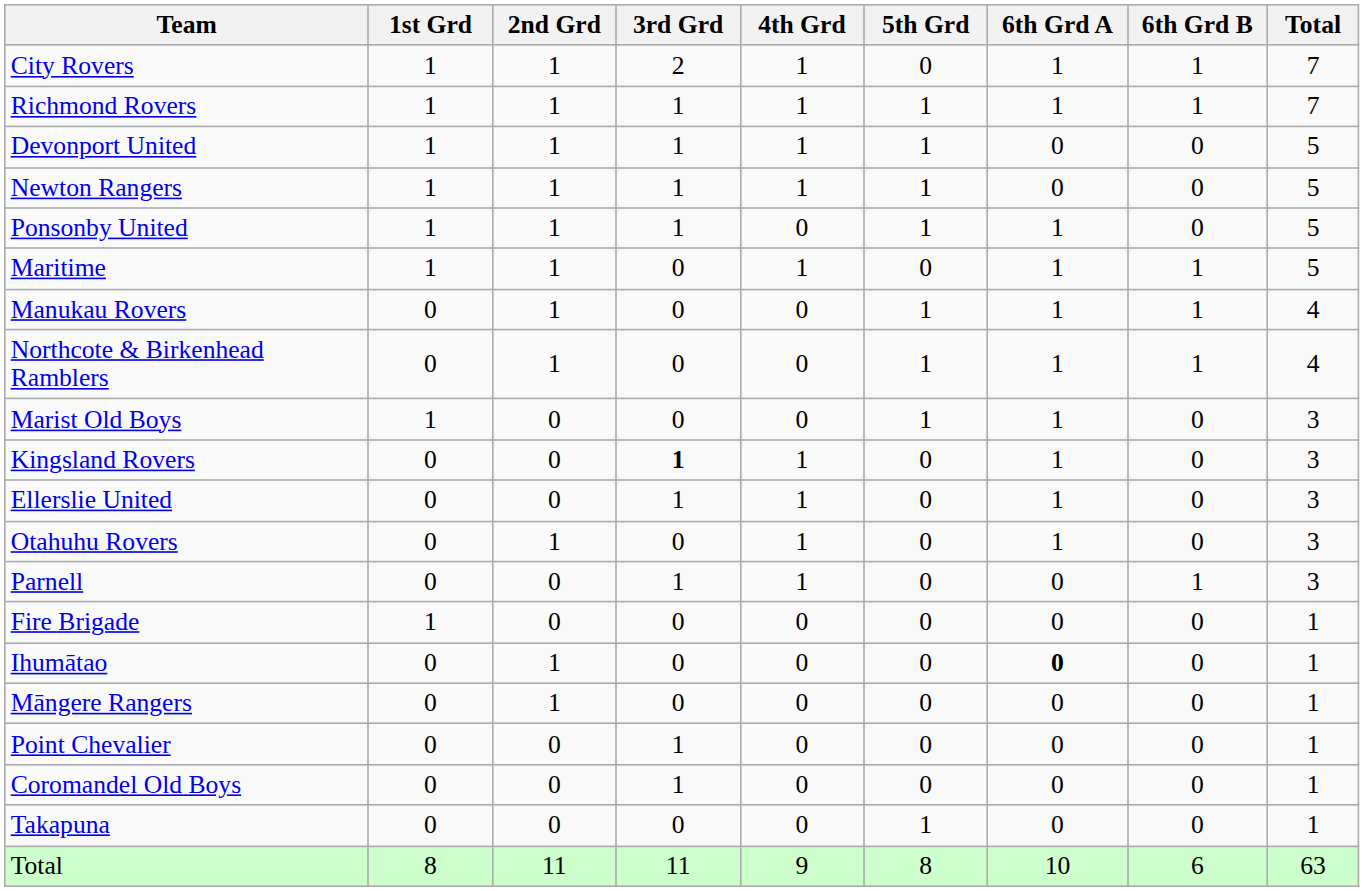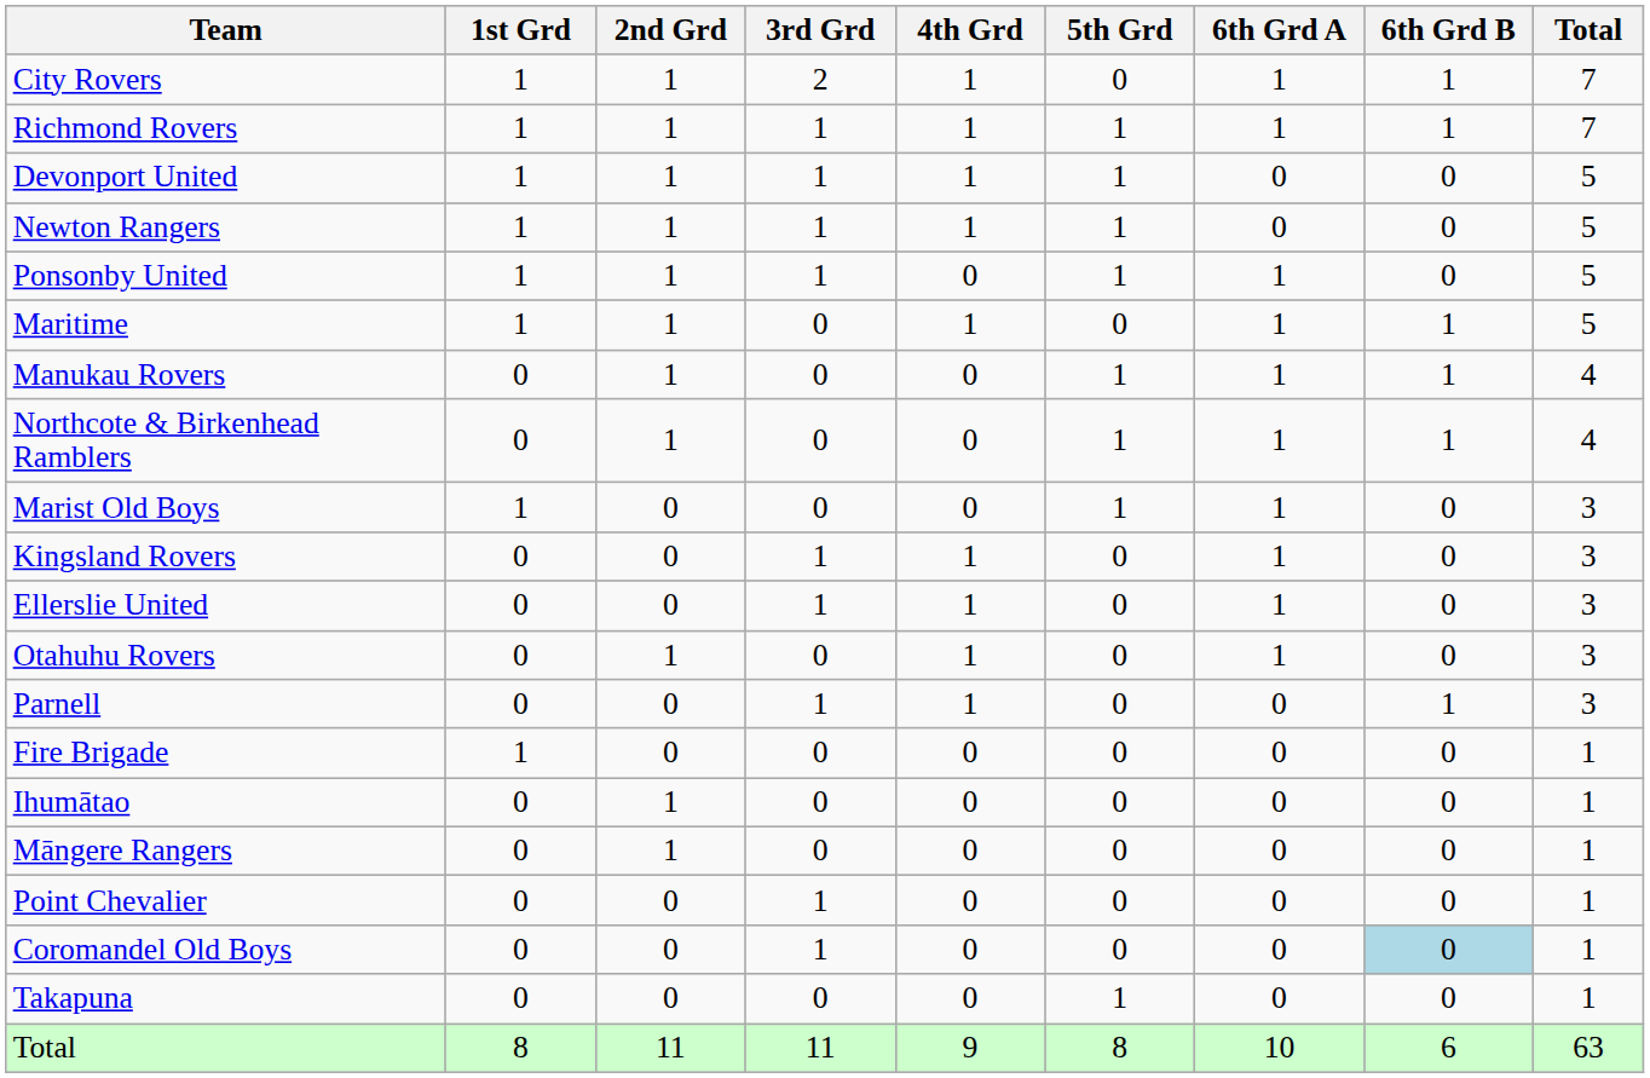 <table class="wikitable" style="text-align:center;">
 <tr>
 <th width=220>Team</th>
 <th width=70 abbr="1st Grade">1st Grd</th>
 <th width=70 abbr="2nd Grade">2nd Grd</th>
 <th width=70 abbr="3rd Grade">3rd Grd</th>
 <th width=70 abbr="4th Grade">4th Grd</th>
 <th width=70 abbr="5th Grade">5th Grd</th>
 <th width=80 abbr="6th Grade">6th Grd A</th>
 <th width=80 abbr="6th Grade">6th Grd B</th>
 <th width=50 abbr="Total">Total</th>
 </tr>
 <tr>
 <td style="text-align:left;"><a href='#'>City Rovers</a></td>
 <td>1</td>
 <td>1</td>
 <td>2</td>
 <td>1</td>
 <td>0</td>
 <td>1</td>
 <td>1</td>
 <td>7</td>
 </tr>
 <tr>
 <td style="text-align:left;"><a href='#'>Richmond Rovers</a></td>
 <td>1</td>
 <td>1</td>
 <td>1</td>
 <td>1</td>
 <td>1</td>
 <td>1</td>
 <td>1</td>
 <td>7</td>
 </tr>
 <tr>
 <td style="text-align:left;"><a href='#'>Devonport United</a></td>
 <td>1</td>
 <td>1</td>
 <td>1</td>
 <td>1</td>
 <td>1</td>
 <td>0</td>
 <td>0</td>
 <td>5</td>
 </tr>
 <tr>
 <td style="text-align:left;"><a href='#'>Newton Rangers</a></td>
 <td>1</td>
 <td>1</td>
 <td>1</td>
 <td>1</td>
 <td>1</td>
 <td>0</td>
 <td>0</td>
 <td>5</td>
 </tr>
 <tr>
 <td style="text-align:left;"><a href='#'>Ponsonby United</a></td>
 <td>1</td>
 <td>1</td>
 <td>1</td>
 <td>0</td>
 <td>1</td>
 <td>1</td>
 <td>0</td>
 <td>5</td>
 </tr>
 <tr>
 <td style="text-align:left;"><a href='#'>Maritime</a></td>
 <td>1</td>
 <td>1</td>
 <td>0</td>
 <td>1</td>
 <td>0</td>
 <td>1</td>
 <td>1</td>
 <td>5</td>
 </tr>
 <tr>
 <td style="text-align:left;"><a href='#'>Manukau Rovers</a></td>
 <td>0</td>
 <td>1</td>
 <td>0</td>
 <td>0</td>
 <td>1</td>
 <td>1</td>
 <td>1</td>
 <td>4</td>
 </tr>
 <tr>
 <td style="text-align:left;"><a href='#'>Northcote & Birkenhead Ramblers</a></td>
 <td>0</td>
 <td>1</td>
 <td>0</td>
 <td>0</td>
 <td>1</td>
 <td>1</td>
 <td>1</td>
 <td>4</td>
 </tr>
 <tr>
 <td style="text-align:left;"><a href='#'>Marist Old Boys</a></td>
 <td>1</td>
 <td>0</td>
 <td>0</td>
 <td>0</td>
 <td>1</td>
 <td>1</td>
 <td>0</td>
 <td>3</td>
 </tr>
 <tr>
 <td style="text-align:left;"><a href='#'>Kingsland Rovers</a></td>
 <td>0</td>
 <td>0</td>
-<td><strong>1</strong></td>
+<td>1</td>
 <td>1</td>
 <td>0</td>
 <td>1</td>
 <td>0</td>
 <td>3</td>
 </tr>
 <tr>
 <td style="text-align:left;"><a href='#'>Ellerslie United</a></td>
 <td>0</td>
 <td>0</td>
 <td>1</td>
 <td>1</td>
 <td>0</td>
 <td>1</td>
 <td>0</td>
 <td>3</td>
 </tr>
 <tr>
 <td style="text-align:left;"><a href='#'>Otahuhu Rovers</a></td>
 <td>0</td>
 <td>1</td>
 <td>0</td>
 <td>1</td>
 <td>0</td>
 <td>1</td>
 <td>0</td>
 <td>3</td>
 </tr>
 <tr>
 <td style="text-align:left;"><a href='#'>Parnell</a></td>
 <td>0</td>
 <td>0</td>
 <td>1</td>
 <td>1</td>
 <td>0</td>
 <td>0</td>
 <td>1</td>
 <td>3</td>
 </tr>
 <tr>
 <td style="text-align:left;"><a href='#'>Fire Brigade</a></td>
 <td>1</td>
 <td>0</td>
 <td>0</td>
 <td>0</td>
 <td>0</td>
 <td>0</td>
 <td>0</td>
 <td>1</td>
 </tr>
 <tr>
 <td style="text-align:left;"><a href='#'>Ihumātao</a></td>
 <td>0</td>
 <td>1</td>
 <td>0</td>
 <td>0</td>
 <td>0</td>
-<td><strong>0</strong></td>
+<td>0</td>
 <td>0</td>
 <td>1</td>
 </tr>
 <tr>
 <td style="text-align:left;"><a href='#'>Māngere Rangers</a></td>
 <td>0</td>
 <td>1</td>
 <td>0</td>
 <td>0</td>
 <td>0</td>
 <td>0</td>
 <td>0</td>
 <td>1</td>
 </tr>
 <tr>
 <td style="text-align:left;"><a href='#'>Point Chevalier</a></td>
 <td>0</td>
 <td>0</td>
 <td>1</td>
 <td>0</td>
 <td>0</td>
 <td>0</td>
 <td>0</td>
 <td>1</td>
 </tr>
 <tr>
 <td style="text-align:left;"><a href='#'>Coromandel Old Boys</a></td>
 <td>0</td>
 <td>0</td>
 <td>1</td>
 <td>0</td>
 <td>0</td>
 <td>0</td>
-<td>0</td>
+<td style="background: lightblue;">0</td>
 <td>1</td>
 </tr>
 <tr>
 <td style="text-align:left;"><a href='#'>Takapuna</a></td>
 <td>0</td>
 <td>0</td>
 <td>0</td>
 <td>0</td>
 <td>1</td>
 <td>0</td>
 <td>0</td>
 <td>1</td>
 </tr>
 <tr style="background: #ccffcc;">
 <td style="text-align:left;">Total</td>
 <td>8</td>
 <td>11</td>
 <td>11</td>
 <td>9</td>
 <td>8</td>
 <td>10</td>
 <td>6</td>
 <td>63</td>
 </tr>
 <tr>
 </tr>
 </table>
